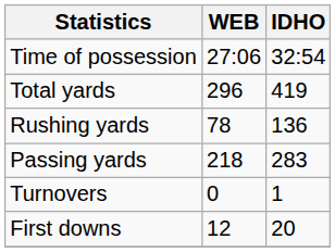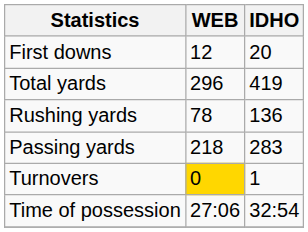 <table class="wikitable" style="float: left;">
 <tr>
 <th>Statistics</th>
 <th>WEB</th>
 <th>IDHO</th>
 </tr>
 <tr>
-<td>Time of possession</td>
-<td>27:06</td>
-<td>32:54</td>
+<td>First downs</td>
+<td>12</td>
+<td>20</td>
 </tr>
 <tr>
 <td>Total yards</td>
 <td>296</td>
 <td>419</td>
 </tr>
 <tr>
 <td>Rushing yards</td>
 <td>78</td>
 <td>136</td>
 </tr>
 <tr>
 <td>Passing yards</td>
 <td>218</td>
 <td>283</td>
 </tr>
 <tr>
 <td>Turnovers</td>
-<td>0</td>
+<td style="background: gold;">0</td>
 <td>1</td>
 </tr>
 <tr>
-<td>First downs</td>
-<td>12</td>
-<td>20</td>
+<td>Time of possession</td>
+<td>27:06</td>
+<td>32:54</td>
 </tr>
 <tr>
 </tr>
 </table>
